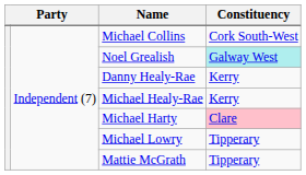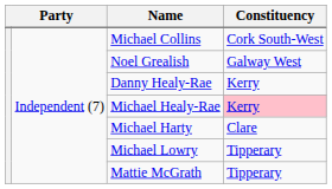 <table class="wikitable sortable">
 <tr style="border-bottom: 2px solid gray;">
 <th colspan=2>Party</th>
 <th>Name</th>
 <th>Constituency</th>
 </tr>
 <tr>
 <th rowspan=7 style="background-color:"></th>
 <td rowspan=7><a href='#'>Independent</a> (7)</td>
 <td data-sort-value="Collins, Michael"><a href='#'>Michael Collins</a></td>
 <td><a href='#'>Cork South-West</a></td>
 </tr>
 <tr>
 <td data-sort-value="Grealish, Noel"><a href='#'>Noel Grealish</a></td>
-<td style="background: paleturquoise;"><a href='#'>Galway West</a></td>
+<td><a href='#'>Galway West</a></td>
 </tr>
 <tr>
 <td data-sort-value="Healy-Rae, Danny"><a href='#'>Danny Healy-Rae</a></td>
 <td><a href='#'>Kerry</a></td>
 </tr>
 <tr>
 <td data-sort-value="Healy-Rae, Michael"><a href='#'>Michael Healy-Rae</a></td>
-<td><a href='#'>Kerry</a></td>
+<td style="background: pink;"><a href='#'>Kerry</a></td>
 </tr>
 <tr>
 <td data-sort-value="Harty, Michael"><a href='#'>Michael Harty</a></td>
-<td style="background: pink;"><a href='#'>Clare</a></td>
+<td><a href='#'>Clare</a></td>
 </tr>
 <tr>
 <td data-sort-value="Lowry, Michael"><a href='#'>Michael Lowry</a></td>
 <td><a href='#'>Tipperary</a></td>
 </tr>
 <tr>
 <td data-sort-value="McGrath, Mattie"><a href='#'>Mattie McGrath</a></td>
 <td><a href='#'>Tipperary</a></td>
 </tr>
 </table>
